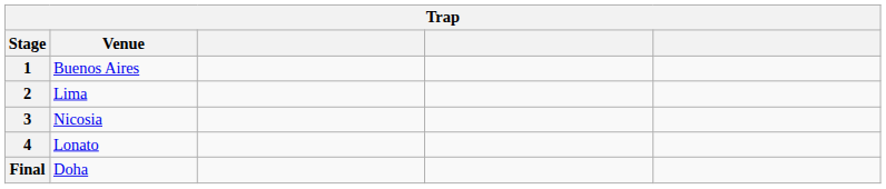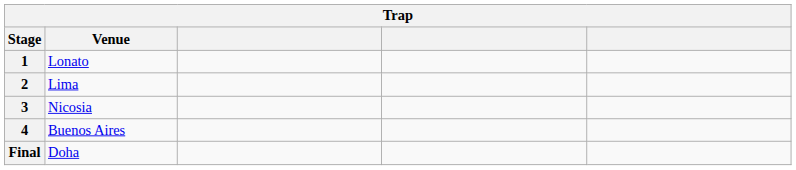 <table class="wikitable">
 <tr>
 <th colspan="5">Trap</th>
 </tr>
 <tr>
 <th>Stage</th>
 <th width=140>Venue</th>
 <th width=220></th>
 <th width=220></th>
 <th width=220></th>
 </tr>
 <tr>
 <th>1</th>
-<td> <a href='#'>Buenos Aires</a></td>
+<td> <a href='#'>Lonato</a></td>
 <td></td>
 <td></td>
 <td></td>
 </tr>
 <tr>
 <th>2</th>
 <td> <a href='#'>Lima</a></td>
 <td></td>
 <td></td>
 <td></td>
 </tr>
 <tr>
 <th>3</th>
 <td> <a href='#'>Nicosia</a></td>
 <td></td>
 <td></td>
 <td></td>
 </tr>
 <tr>
 <th>4</th>
-<td> <a href='#'>Lonato</a></td>
+<td> <a href='#'>Buenos Aires</a></td>
 <td></td>
 <td></td>
 <td></td>
 </tr>
 <tr>
 <th>Final</th>
 <td> <a href='#'>Doha</a></td>
 <td></td>
 <td></td>
 <td></td>
 </tr>
 </table>
